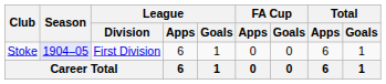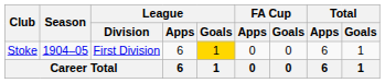 <table class="wikitable" style="text-align: center;">
 <tr>
 <th rowspan="2">Club</th>
 <th rowspan="2">Season</th>
 <th colspan="3">League</th>
 <th colspan="2">FA Cup</th>
 <th colspan="2">Total</th>
 </tr>
 <tr>
 <th>Division</th>
 <th>Apps</th>
 <th>Goals</th>
 <th>Apps</th>
 <th>Goals</th>
 <th>Apps</th>
 <th>Goals</th>
 </tr>
 <tr>
 <td><a href='#'>Stoke</a></td>
-<td style="background: lavender;"><a href='#'>1904–05</a></td>
+<td><a href='#'>1904–05</a></td>
 <td><a href='#'>First Division</a></td>
 <td>6</td>
-<td>1</td>
+<td style="background: gold;">1</td>
 <td>0</td>
 <td>0</td>
 <td>6</td>
 <td>1</td>
 </tr>
 <tr>
 <th colspan="3">Career Total</th>
 <th>6</th>
 <th>1</th>
 <th>0</th>
 <th>0</th>
 <th>6</th>
 <th>1</th>
 </tr>
 </table>
